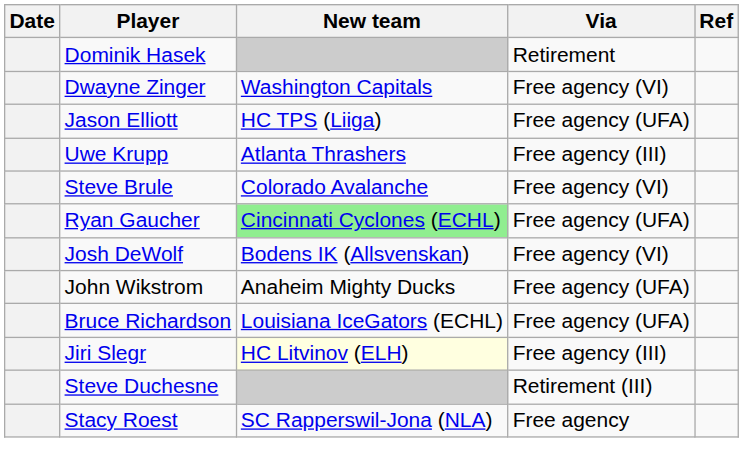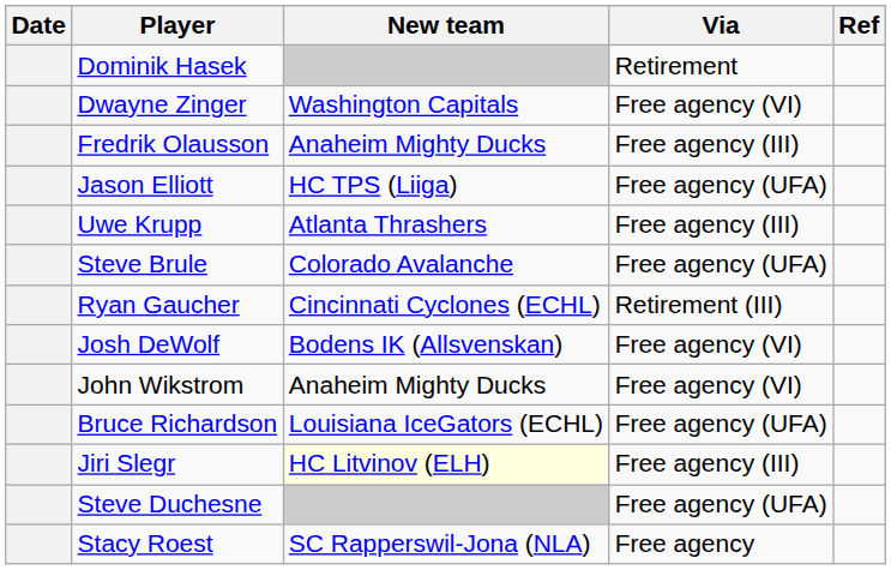 <table class="wikitable plainrowheaders">
 <tr style="background:#ddd; text-align:center;">
 <th>Date</th>
 <th>Player</th>
 <th>New team</th>
 <th>Via</th>
 <th>Ref</th>
 </tr>
 <tr>
 <th scope="row"></th>
 <td><a href='#'>Dominik Hasek</a></td>
 <td style="background:#ccc"></td>
 <td>Retirement</td>
 <td></td>
 </tr>
 <tr>
 <th scope="row"></th>
 <td><a href='#'>Dwayne Zinger</a></td>
 <td><a href='#'>Washington Capitals</a></td>
 <td>Free agency (VI)</td>
 <td></td>
 </tr>
 <tr>
 <th scope="row"></th>
+<td><a href='#'>Fredrik Olausson</a></td>
+<td><a href='#'>Anaheim Mighty Ducks</a></td>
+<td>Free agency (III)</td>
+<td></td>
+</tr>
+<tr>
+<th scope="row"></th>
 <td><a href='#'>Jason Elliott</a></td>
 <td><a href='#'>HC TPS</a> (<a href='#'>Liiga</a>)</td>
 <td>Free agency (UFA)</td>
 <td></td>
 </tr>
 <tr>
 <th scope="row"></th>
 <td><a href='#'>Uwe Krupp</a></td>
 <td><a href='#'>Atlanta Thrashers</a></td>
 <td>Free agency (III)</td>
 <td></td>
 </tr>
 <tr>
 <th scope="row"></th>
 <td><a href='#'>Steve Brule</a></td>
 <td><a href='#'>Colorado Avalanche</a></td>
-<td>Free agency (VI)</td>
+<td>Free agency (UFA)</td>
 <td></td>
 </tr>
 <tr>
 <th scope="row"></th>
 <td><a href='#'>Ryan Gaucher</a></td>
-<td style="background: lightgreen;"><a href='#'>Cincinnati Cyclones</a> (<a href='#'>ECHL</a>)</td>
-<td>Free agency (UFA)</td>
+<td><a href='#'>Cincinnati Cyclones</a> (<a href='#'>ECHL</a>)</td>
+<td>Retirement (III)</td>
 <td></td>
 </tr>
 <tr>
 <th scope="row"></th>
 <td><a href='#'>Josh DeWolf</a></td>
 <td><a href='#'>Bodens IK</a> (<a href='#'>Allsvenskan</a>)</td>
 <td>Free agency (VI)</td>
 <td></td>
 </tr>
 <tr>
 <th scope="row"></th>
 <td>John Wikstrom</td>
 <td>Anaheim Mighty Ducks</td>
-<td>Free agency (UFA)</td>
+<td>Free agency (VI)</td>
 <td></td>
 </tr>
 <tr>
 <th scope="row"></th>
 <td><a href='#'>Bruce Richardson</a></td>
 <td><a href='#'>Louisiana IceGators</a> (ECHL)</td>
 <td>Free agency (UFA)</td>
 <td></td>
 </tr>
 <tr>
 <th scope="row"></th>
 <td><a href='#'>Jiri Slegr</a></td>
 <td style="background: lightyellow;"><a href='#'>HC Litvinov</a> (<a href='#'>ELH</a>)</td>
 <td>Free agency (III)</td>
 <td></td>
 </tr>
 <tr>
 <th scope="row"></th>
 <td><a href='#'>Steve Duchesne</a></td>
 <td style="background:#ccc"></td>
-<td>Retirement (III)</td>
+<td>Free agency (UFA)</td>
 <td></td>
 </tr>
 <tr>
 <th scope="row"></th>
 <td><a href='#'>Stacy Roest</a></td>
 <td><a href='#'>SC Rapperswil-Jona</a> (<a href='#'>NLA</a>)</td>
 <td>Free agency</td>
 <td></td>
 </tr>
 </table>
